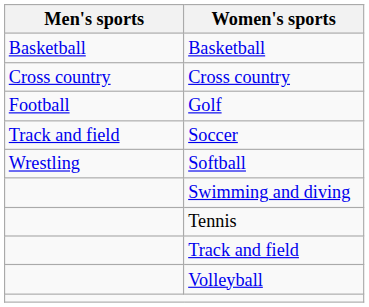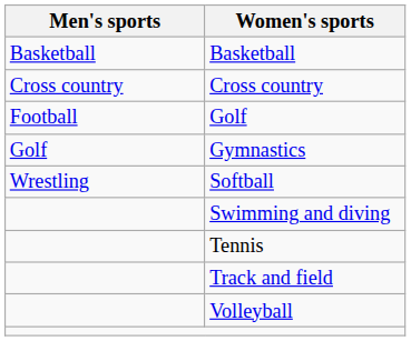 <table class="wikitable" style= " ">
 <tr>
 <th width=150px>Men's sports</th>
 <th width=150px>Women's sports</th>
 </tr>
 <tr>
 <td><a href='#'>Basketball</a></td>
 <td><a href='#'>Basketball</a></td>
 </tr>
 <tr>
 <td><a href='#'>Cross country</a></td>
 <td><a href='#'>Cross country</a></td>
 </tr>
 <tr>
 <td><a href='#'>Football</a></td>
 <td><a href='#'>Golf</a></td>
 </tr>
 <tr>
-<td><a href='#'>Track and field</a></td>
-<td><a href='#'>Soccer</a></td>
+<td><a href='#'>Golf</a></td>
+<td><a href='#'>Gymnastics</a></td>
 </tr>
 <tr>
 <td><a href='#'>Wrestling</a></td>
 <td><a href='#'>Softball</a></td>
 </tr>
 <tr>
 <td></td>
 <td><a href='#'>Swimming and diving</a></td>
 </tr>
 <tr>
 <td></td>
 <td>Tennis</td>
 </tr>
 <tr>
 <td></td>
 <td><a href='#'>Track and field</a></td>
 </tr>
 <tr>
 <td></td>
 <td><a href='#'>Volleyball</a></td>
 </tr>
 <tr>
 <td colspan="2"></td>
 </tr>
 </table>
